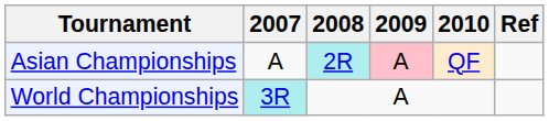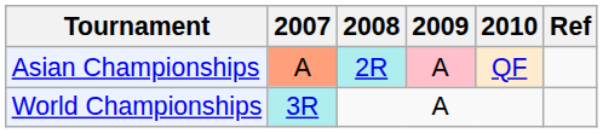 <table class="wikitable" style="font-size: 90%; text-align:center">
 <tr>
 <th>Tournament</th>
 <th>2007</th>
 <th>2008</th>
 <th>2009</th>
 <th>2010</th>
 <th>Ref</th>
 </tr>
 <tr>
 <td bgcolor="#ECF2FF"; align="left"><a href='#'>Asian Championships</a></td>
-<td>A</td>
+<td style="background: lightsalmon;">A</td>
 <td bgcolor=AFEEEE><a href='#'>2R</a></td>
 <td style="background: pink;">A</td>
 <td bgcolor=FFEBCD><a href='#'>QF</a></td>
 <td></td>
 </tr>
 <tr>
 <td bgcolor="#ECF2FF"; align="left"><a href='#'>World Championships</a></td>
 <td bgcolor=AFEEEE><a href='#'>3R</a></td>
 <td colspan="3">A</td>
 <td></td>
 </tr>
 </table>
